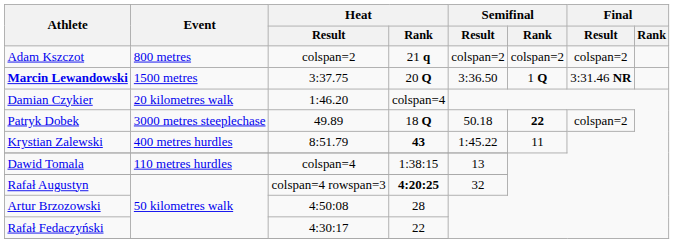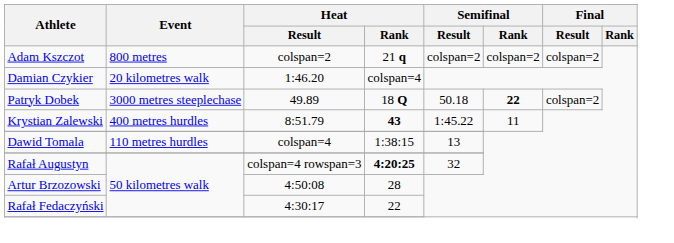 <table class="wikitable" style="font-size:90%">
 <tr>
 <th rowspan="2">Athlete</th>
 <th rowspan="2">Event</th>
 <th colspan="2">Heat</th>
 <th colspan="2">Semifinal</th>
 <th colspan="2">Final</th>
 </tr>
 <tr style="font-size:95%">
 <th>Result</th>
 <th>Rank</th>
 <th>Result</th>
 <th>Rank</th>
 <th>Result</th>
 <th>Rank</th>
 </tr>
 <tr style=text-align:center>
 <td style=text-align:left><a href='#'>Adam Kszczot</a></td>
 <td style=text-align:left rowspan=1><a href='#'>800 metres</a></td>
 <td>colspan=2 </td>
 <td>21 <strong>q</strong></td>
 <td>colspan=2 </td>
 <td>colspan=2 </td>
 <td>colspan=2 </td>
-</tr>
-<tr style=text-align:center>
-<td style=text-align:left><strong><a href='#'>Marcin Lewandowski</a></strong></td>
-<td style=text-align:left rowspan=1><a href='#'>1500 metres</a></td>
-<td>3:37.75</td>
-<td>20 <strong>Q</strong></td>
-<td>3:36.50</td>
-<td>1 <strong>Q</strong></td>
-<td>3:31.46 <strong>NR</strong></td>
-<td></td>
 </tr>
 <tr style=text-align:center>
 <td style=text-align:left><a href='#'>Damian Czykier</a></td>
 <td style=text-align:left><a href='#'>20 kilometres walk</a></td>
 <td>1:46.20</td>
 <td>colspan=4 </td>
 </tr>
 <tr style=text-align:center>
 <td style=text-align:left><a href='#'>Patryk Dobek</a></td>
 <td style=text-align:left><a href='#'>3000 metres steeplechase</a></td>
 <td>49.89</td>
 <td>18 <strong>Q</strong></td>
 <td>50.18</td>
 <td><strong>22</strong></td>
 <td>colspan=2 </td>
 </tr>
 <tr style=text-align:center>
 <td style=text-align:left><a href='#'>Krystian Zalewski</a></td>
 <td style=text-align:left><a href='#'>400 metres hurdles</a></td>
 <td>8:51.79</td>
 <td><strong>43</strong></td>
 <td>1:45.22</td>
 <td>11</td>
 </tr>
 <tr>
 </tr>
 <tr style=text-align:center>
 <td style=text-align:left><a href='#'>Dawid Tomala</a></td>
 <td style=text-align:left><a href='#'>110 metres hurdles</a></td>
 <td>colspan=4 </td>
 <td>1:38:15</td>
 <td>13</td>
 </tr>
 <tr>
 </tr>
 <tr style=text-align:center>
 <td style=text-align:left><a href='#'>Rafał Augustyn</a></td>
 <td style=text-align:left rowspan=3><a href='#'>50 kilometres walk</a></td>
 <td>colspan=4 rowspan=3 </td>
 <td><strong>4:20:25</strong></td>
 <td>32</td>
 </tr>
 <tr style=text-align:center>
 <td style=text-align:left><a href='#'>Artur Brzozowski</a></td>
 <td>4:50:08</td>
 <td>28</td>
 </tr>
 <tr style=text-align:center>
 <td style=text-align:left><a href='#'>Rafał Fedaczyński</a></td>
 <td>4:30:17</td>
 <td>22</td>
 </tr>
 <tr>
 </tr>
 </table>
